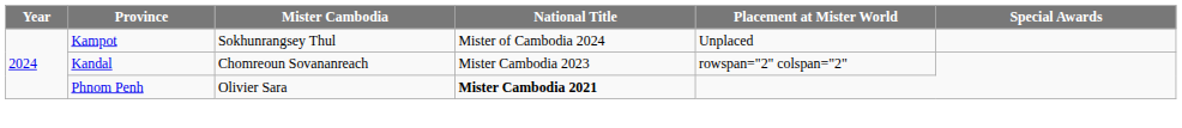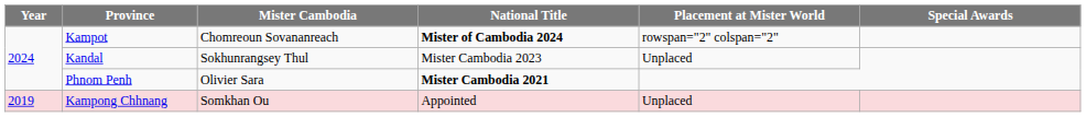 <table class="wikitable " style="font-size: 95%;">
 <tr>
 <th width="60" style="background-color:#787878;color:#FFFFFF;">Year</th>
 <th width="150" style="background-color:#787878;color:#FFFFFF;">Province</th>
 <th width="250" style="background-color:#787878;color:#FFFFFF;">Mister Cambodia</th>
 <th width="250" style="background-color:#787878;color:#FFFFFF;">National Title</th>
 <th width="250" style="background-color:#787878;color:#FFFFFF;">Placement at Mister World</th>
 <th width="250" style="background-color:#787878;color:#FFFFFF;">Special Awards</th>
 </tr>
 <tr>
 <td rowspan="3"><a href='#'>2024</a></td>
 <td><a href='#'>Kampot</a></td>
-<td>Sokhunrangsey Thul</td>
-<td>Mister of Cambodia 2024</td>
-<td>Unplaced</td>
+<td>Chomreoun Sovananreach</td>
+<td><strong>Mister of Cambodia 2024</strong></td>
+<td>rowspan="2" colspan="2" </td>
 <td></td>
 </tr>
 <tr>
 <td><a href='#'>Kandal</a></td>
-<td>Chomreoun Sovananreach</td>
+<td>Sokhunrangsey Thul</td>
 <td>Mister Cambodia 2023</td>
-<td>rowspan="2" colspan="2" </td>
+<td>Unplaced</td>
 </tr>
 <tr>
 <td><a href='#'>Phnom Penh</a></td>
 <td>Olivier Sara</td>
 <td><strong>Mister Cambodia 2021</strong></td>
 </tr>
+<tr style="background-color:#FADADD; ">
+<td><a href='#'>2019</a></td>
+<td><a href='#'>Kampong Chhnang</a></td>
+<td>Somkhan Ou</td>
+<td>Appointed</td>
+<td>Unplaced</td>
+<td style="background:;"></td>
+</tr>
 </table>
